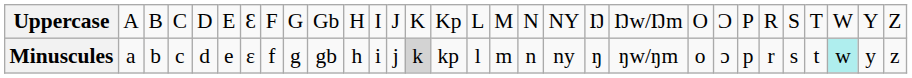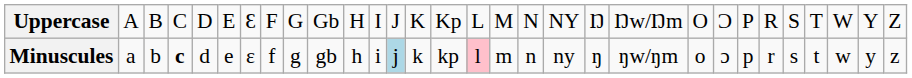 <table class="wikitable" style="text-align: center; vertical-align: middle;">
 <tr ---->
 <th scope="row">Uppercase</th>
 <td>A</td>
 <td>B</td>
 <td>C</td>
 <td>D</td>
 <td>E</td>
 <td>Ɛ</td>
 <td>F</td>
 <td>G</td>
 <td>Gb</td>
 <td>H</td>
 <td>I</td>
 <td>J</td>
 <td>K</td>
 <td>Kp</td>
 <td>L</td>
 <td>M</td>
 <td>N</td>
 <td>NY</td>
 <td>Ŋ</td>
 <td>Ŋw/Ŋm</td>
 <td>O</td>
 <td>Ɔ</td>
 <td>P</td>
 <td>R</td>
 <td>S</td>
 <td>T</td>
 <td>W</td>
 <td>Y</td>
 <td>Z</td>
 </tr>
 <tr ---->
 <th scope="row">Minuscules</th>
 <td>a</td>
 <td>b</td>
-<td>c</td>
+<td><strong>c</strong></td>
 <td>d</td>
 <td>e</td>
 <td>ɛ</td>
 <td>f</td>
 <td>g</td>
 <td>gb</td>
 <td>h</td>
 <td>i</td>
-<td>j</td>
-<td style="background: lightgrey;">k</td>
+<td style="background: lightblue;">j</td>
+<td>k</td>
 <td>kp</td>
-<td>l</td>
+<td style="background: pink;">l</td>
 <td>m</td>
 <td>n</td>
 <td>ny</td>
 <td>ŋ</td>
 <td>ŋw/ŋm</td>
 <td>o</td>
 <td>ɔ</td>
 <td>p</td>
 <td>r</td>
 <td>s</td>
 <td>t</td>
-<td style="background: paleturquoise;">w</td>
+<td>w</td>
 <td>y</td>
 <td>z</td>
 </tr>
 </table>
